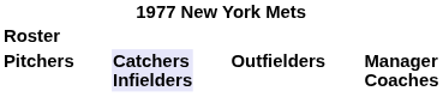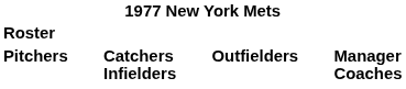 <table class="toccolours" style="font-size: 95%;">
 <tr>
 <th colspan="10">1977 New York Mets</th>
 </tr>
 <tr>
 <td colspan="10"><strong>Roster</strong></td>
 </tr>
 <tr>
 <td valign="top"><strong>Pitchers</strong><br>               </td>
 <td style="width:25px;"></td>
-<td valign="top" style="background: lavender;"><strong>Catchers</strong><br>   <strong>Infielders</strong>             </td>
+<td valign="top"><strong>Catchers</strong><br>   <strong>Infielders</strong>             </td>
 <td style="width:25px;"></td>
 <td valign="top"><strong>Outfielders</strong><br>       </td>
 <td style="width:25px;"></td>
 <td valign="top"><strong>Manager</strong><br>  <strong>Coaches</strong>     </td>
 </tr>
 </table>
